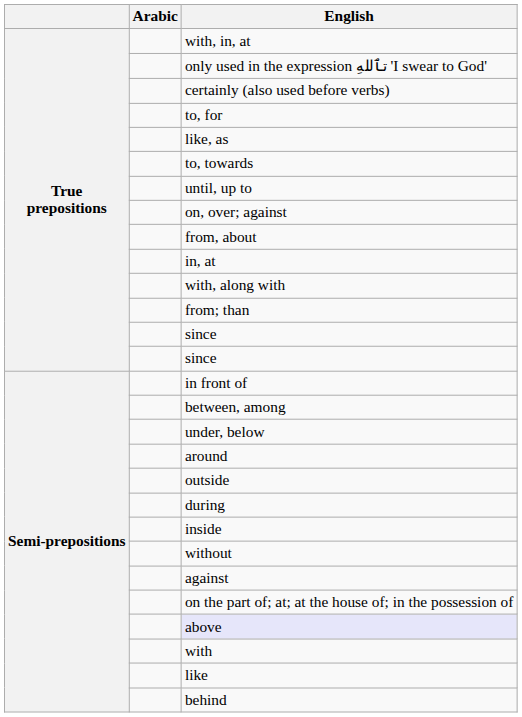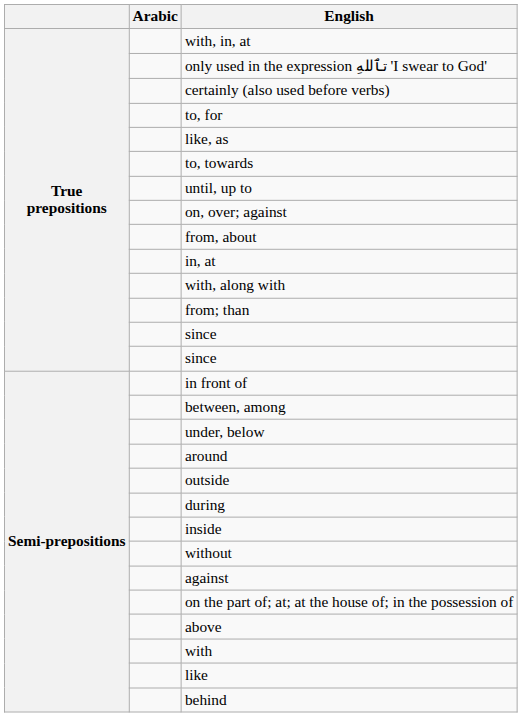 <table class="wikitable">
 <tr>
 <th></th>
 <th>Arabic</th>
 <th>English</th>
 </tr>
 <tr>
 <th rowspan=14>True<br>prepositions</th>
 <td> <em></em></td>
 <td>with, in, at</td>
 </tr>
 <tr>
 <td> <em></em></td>
 <td>only used in the expression تٱللهِ <em></em> 'I swear to God'</td>
 </tr>
 <tr>
 <td> <em></em></td>
 <td>certainly (also used before verbs)</td>
 </tr>
 <tr>
 <td> <em></em></td>
 <td>to, for</td>
 </tr>
 <tr>
 <td> <em></em></td>
 <td>like, as</td>
 </tr>
 <tr>
 <td> <em></em></td>
 <td>to, towards</td>
 </tr>
 <tr>
 <td> <em></em></td>
 <td>until, up to</td>
 </tr>
 <tr>
 <td> <em></em></td>
 <td>on, over; against</td>
 </tr>
 <tr>
 <td> <em></em></td>
 <td>from, about</td>
 </tr>
 <tr>
 <td> <em></em></td>
 <td>in, at</td>
 </tr>
 <tr>
 <td> <em></em></td>
 <td>with, along with</td>
 </tr>
 <tr>
 <td> <em></em></td>
 <td>from; than</td>
 </tr>
 <tr>
 <td> <em></em></td>
 <td>since</td>
 </tr>
 <tr>
 <td> <em></em></td>
 <td>since</td>
 </tr>
 <tr>
 <th rowspan=14>Semi-prepositions</th>
 <td> <em></em></td>
 <td>in front of</td>
 </tr>
 <tr>
 <td> <em></em></td>
 <td>between, among</td>
 </tr>
 <tr>
 <td> <em></em></td>
 <td>under, below</td>
 </tr>
 <tr>
 <td> <em></em></td>
 <td>around</td>
 </tr>
 <tr>
 <td> <em></em></td>
 <td>outside</td>
 </tr>
 <tr>
 <td> <em></em></td>
 <td>during</td>
 </tr>
 <tr>
 <td> <em></em></td>
 <td>inside</td>
 </tr>
 <tr>
 <td> <em></em></td>
 <td>without</td>
 </tr>
 <tr>
 <td> <em></em></td>
 <td>against</td>
 </tr>
 <tr>
 <td> <em></em></td>
 <td>on the part of; at; at the house of; in the possession of</td>
 </tr>
 <tr>
 <td> <em></em></td>
-<td style="background: lavender;">above</td>
+<td>above</td>
 </tr>
 <tr>
 <td> <em></em></td>
 <td>with</td>
 </tr>
 <tr>
 <td> <em></em></td>
 <td>like</td>
 </tr>
 <tr>
 <td> <em></em></td>
 <td>behind</td>
 </tr>
 </table>
